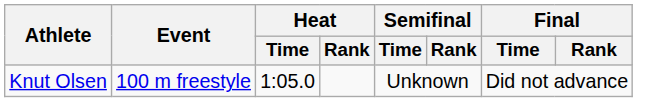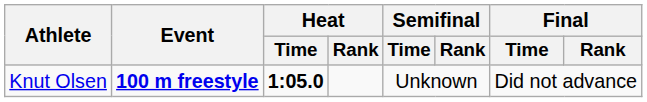 <table class=wikitable style="font-size:90%;">
 <tr>
 <th rowspan=2>Athlete</th>
 <th rowspan=2>Event</th>
 <th colspan=2>Heat</th>
 <th colspan=2>Semifinal</th>
 <th colspan=2>Final</th>
 </tr>
 <tr style="font-size:95%">
 <th>Time</th>
 <th>Rank</th>
 <th>Time</th>
 <th>Rank</th>
 <th>Time</th>
 <th>Rank</th>
 </tr>
 <tr align=center>
 <td align=left><a href='#'>Knut Olsen</a></td>
-<td align=left><a href='#'>100 m freestyle</a></td>
-<td>1:05.0</td>
+<td align=left><strong><a href='#'>100 m freestyle</a></strong></td>
+<td><strong>1:05.0</strong></td>
 <td></td>
 <td colspan=2>Unknown</td>
 <td colspan=2>Did not advance</td>
 </tr>
 </table>
